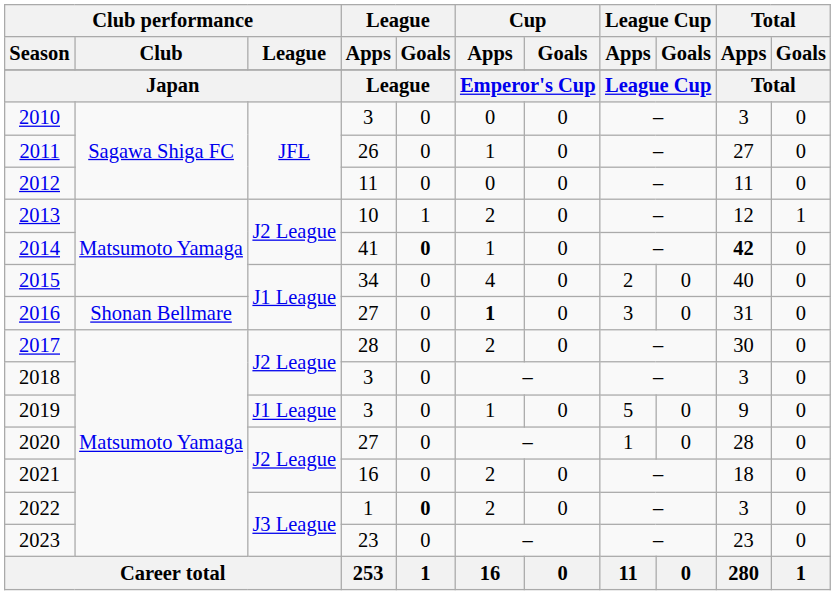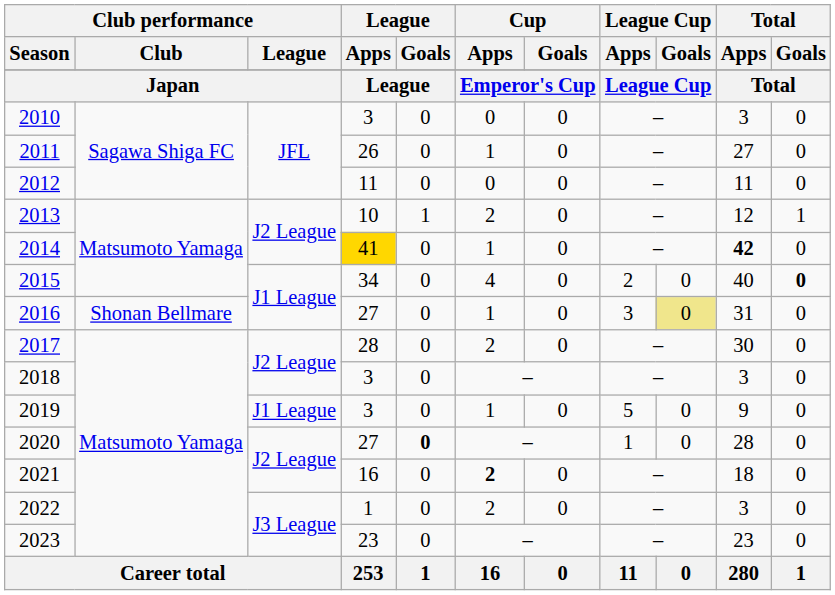 <table class="wikitable" style="text-align:center">
 <tr>
 <th colspan=3>Club performance</th>
 <th colspan=2>League</th>
 <th colspan=2>Cup</th>
 <th colspan=2>League Cup</th>
 <th colspan=2>Total</th>
 </tr>
 <tr>
 <th>Season</th>
 <th>Club</th>
 <th>League</th>
 <th>Apps</th>
 <th>Goals</th>
 <th>Apps</th>
 <th>Goals</th>
 <th>Apps</th>
 <th>Goals</th>
 <th>Apps</th>
 <th>Goals</th>
 </tr>
 <tr>
 </tr>
 <tr>
 <th colspan=3>Japan</th>
 <th colspan=2>League</th>
 <th colspan=2><a href='#'>Emperor's Cup</a></th>
 <th colspan=2><a href='#'>League Cup</a></th>
 <th colspan=2>Total</th>
 </tr>
 <tr>
 <td><a href='#'>2010</a></td>
 <td rowspan="3"><a href='#'>Sagawa Shiga FC</a></td>
 <td rowspan="3"><a href='#'>JFL</a></td>
 <td>3</td>
 <td>0</td>
 <td>0</td>
 <td>0</td>
 <td colspan="2">–</td>
 <td>3</td>
 <td>0</td>
 </tr>
 <tr>
 <td><a href='#'>2011</a></td>
 <td>26</td>
 <td>0</td>
 <td>1</td>
 <td>0</td>
 <td colspan="2">–</td>
 <td>27</td>
 <td>0</td>
 </tr>
 <tr>
 <td><a href='#'>2012</a></td>
 <td>11</td>
 <td>0</td>
 <td>0</td>
 <td>0</td>
 <td colspan="2">–</td>
 <td>11</td>
 <td>0</td>
 </tr>
 <tr>
 <td><a href='#'>2013</a></td>
 <td rowspan="3"><a href='#'>Matsumoto Yamaga</a></td>
 <td rowspan="2"><a href='#'>J2 League</a></td>
 <td>10</td>
 <td>1</td>
 <td>2</td>
 <td>0</td>
 <td colspan="2">–</td>
 <td>12</td>
 <td>1</td>
 </tr>
 <tr>
 <td><a href='#'>2014</a></td>
-<td>41</td>
-<td><strong>0</strong></td>
+<td style="background: gold;">41</td>
+<td>0</td>
 <td>1</td>
 <td>0</td>
 <td colspan="2">–</td>
 <td><strong>42</strong></td>
 <td>0</td>
 </tr>
 <tr>
 <td><a href='#'>2015</a></td>
 <td rowspan="2"><a href='#'>J1 League</a></td>
 <td>34</td>
 <td>0</td>
 <td>4</td>
 <td>0</td>
 <td>2</td>
 <td>0</td>
 <td>40</td>
-<td>0</td>
+<td><strong>0</strong></td>
 </tr>
 <tr>
 <td><a href='#'>2016</a></td>
 <td><a href='#'>Shonan Bellmare</a></td>
 <td>27</td>
 <td>0</td>
-<td><strong>1</strong></td>
+<td>1</td>
 <td>0</td>
 <td>3</td>
-<td>0</td>
+<td style="background: khaki;">0</td>
 <td>31</td>
 <td>0</td>
 </tr>
 <tr>
 <td><a href='#'>2017</a></td>
 <td rowspan="7"><a href='#'>Matsumoto Yamaga</a></td>
 <td rowspan="2"><a href='#'>J2 League</a></td>
 <td>28</td>
 <td>0</td>
 <td>2</td>
 <td>0</td>
 <td colspan="2">–</td>
 <td>30</td>
 <td>0</td>
 </tr>
 <tr>
 <td>2018</td>
 <td>3</td>
 <td>0</td>
 <td colspan="2">–</td>
 <td colspan="2">–</td>
 <td>3</td>
 <td>0</td>
 </tr>
 <tr>
 <td>2019</td>
 <td><a href='#'>J1 League</a></td>
 <td>3</td>
 <td>0</td>
 <td>1</td>
 <td>0</td>
 <td>5</td>
 <td>0</td>
 <td>9</td>
 <td>0</td>
 </tr>
 <tr>
 <td>2020</td>
 <td rowspan="2"><a href='#'>J2 League</a></td>
 <td>27</td>
-<td>0</td>
+<td><strong>0</strong></td>
 <td colspan="2">–</td>
 <td>1</td>
 <td>0</td>
 <td>28</td>
 <td>0</td>
 </tr>
 <tr>
 <td>2021</td>
 <td>16</td>
 <td>0</td>
-<td>2</td>
+<td><strong>2</strong></td>
 <td>0</td>
 <td colspan="2">–</td>
 <td>18</td>
 <td>0</td>
 </tr>
 <tr>
 <td>2022</td>
 <td rowspan="2"><a href='#'>J3 League</a></td>
 <td>1</td>
-<td><strong>0</strong></td>
+<td>0</td>
 <td>2</td>
 <td>0</td>
 <td colspan="2">–</td>
 <td>3</td>
 <td>0</td>
 </tr>
 <tr>
 <td>2023</td>
 <td>23</td>
 <td>0</td>
 <td colspan="2">–</td>
 <td colspan="2">–</td>
 <td>23</td>
 <td>0</td>
 </tr>
 <tr>
 <th colspan="3">Career total</th>
 <th>253</th>
 <th>1</th>
 <th>16</th>
 <th>0</th>
 <th>11</th>
 <th>0</th>
 <th>280</th>
 <th>1</th>
 </tr>
 </table>
